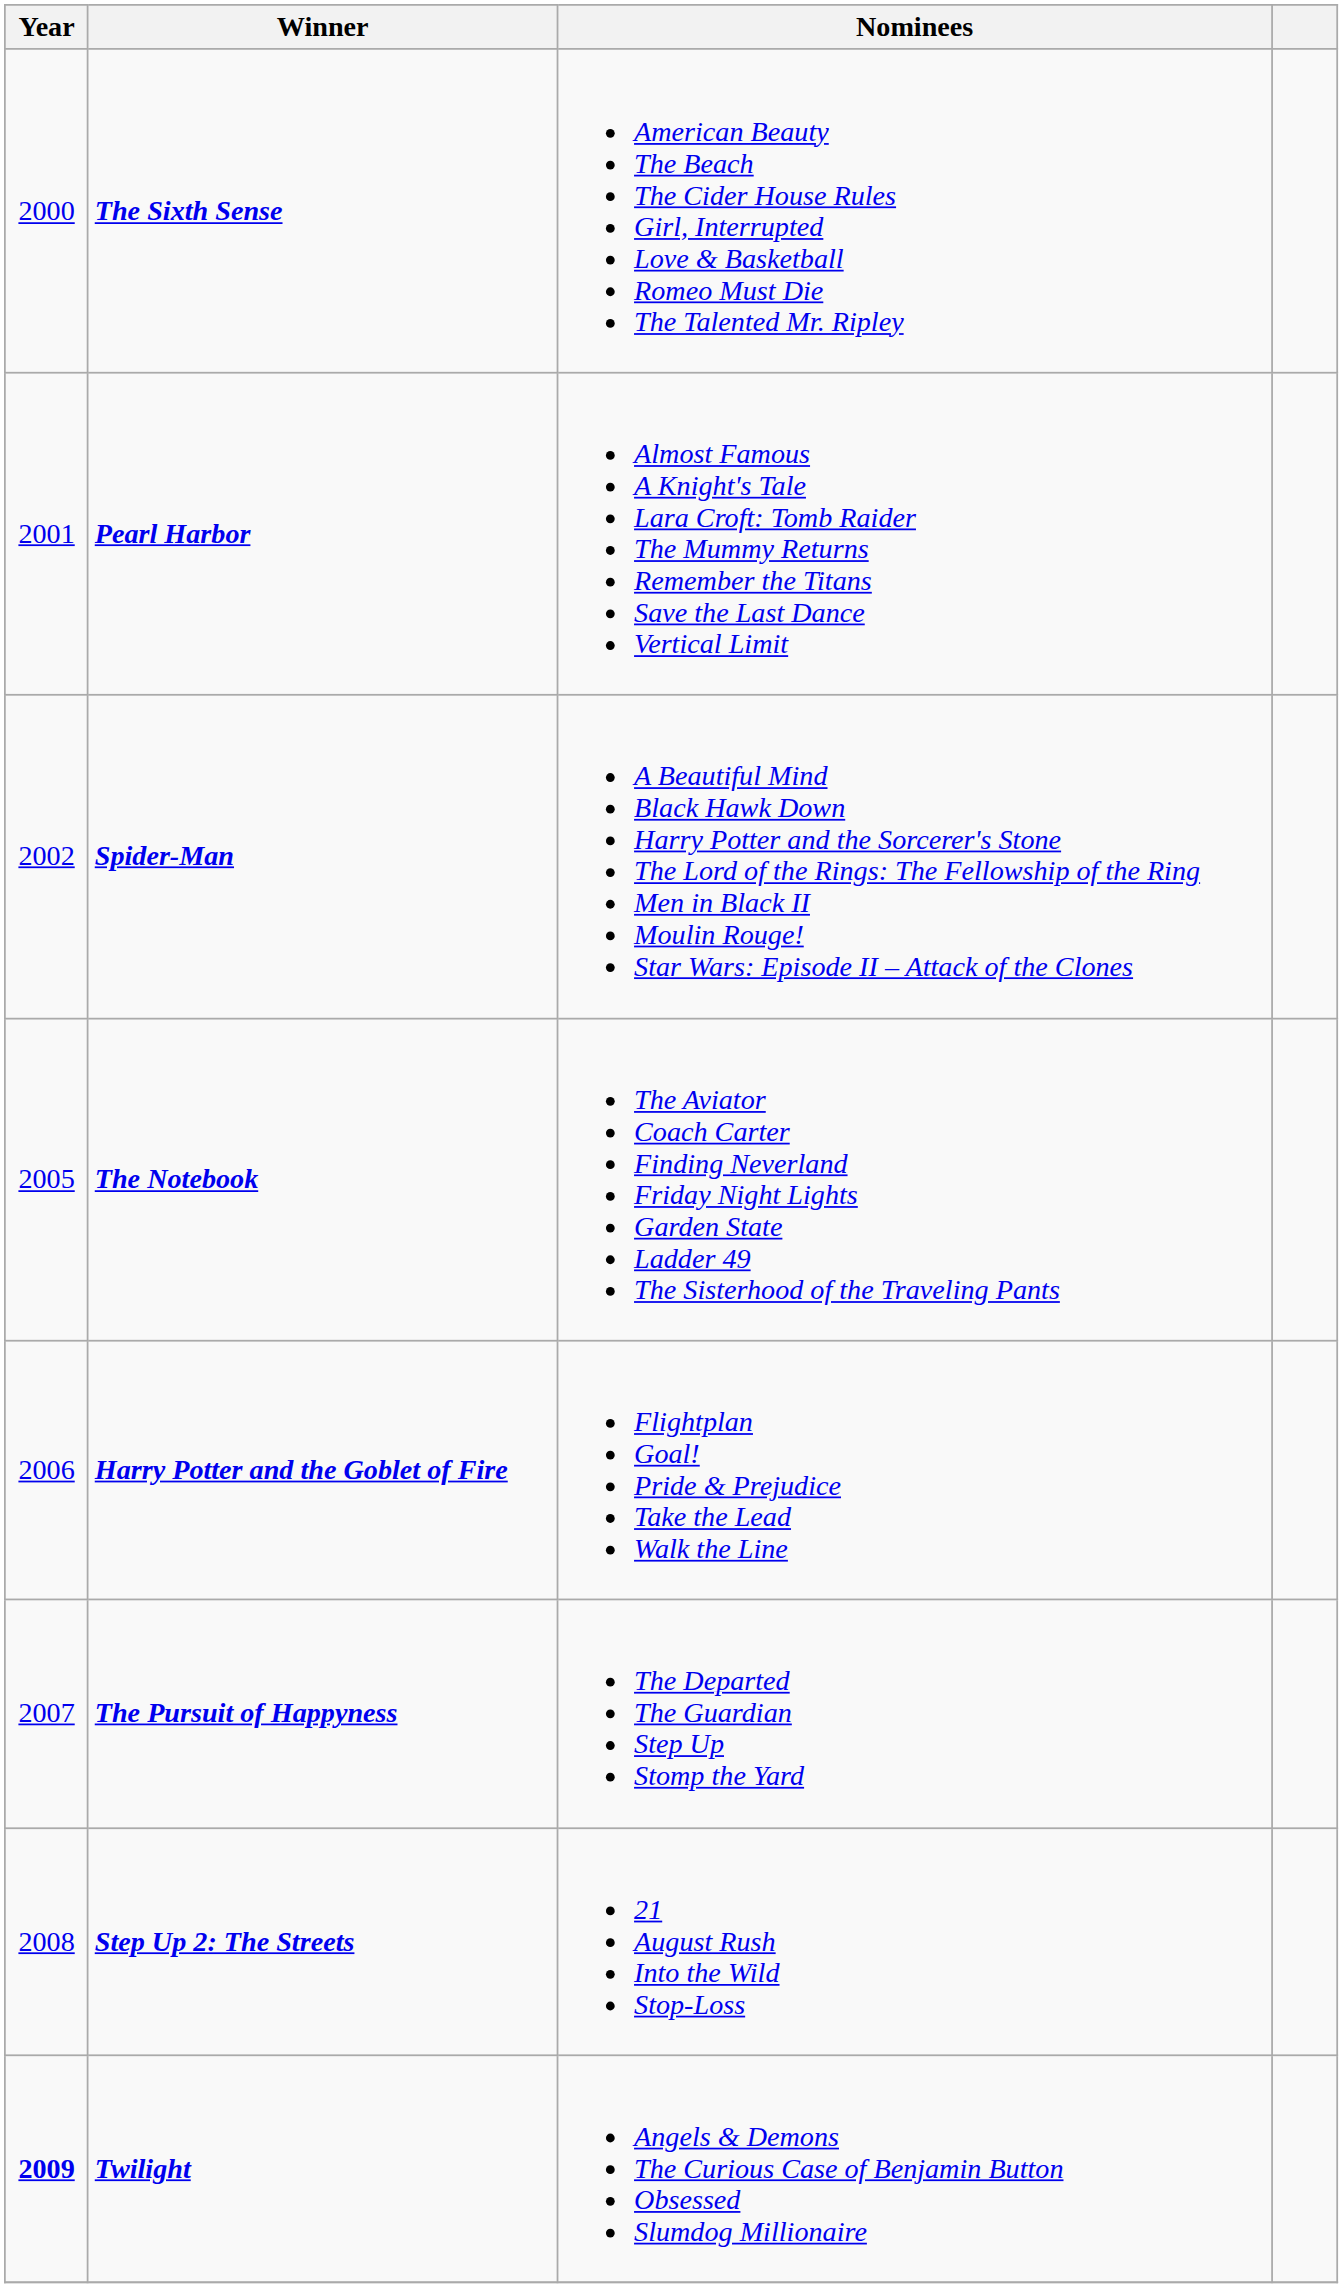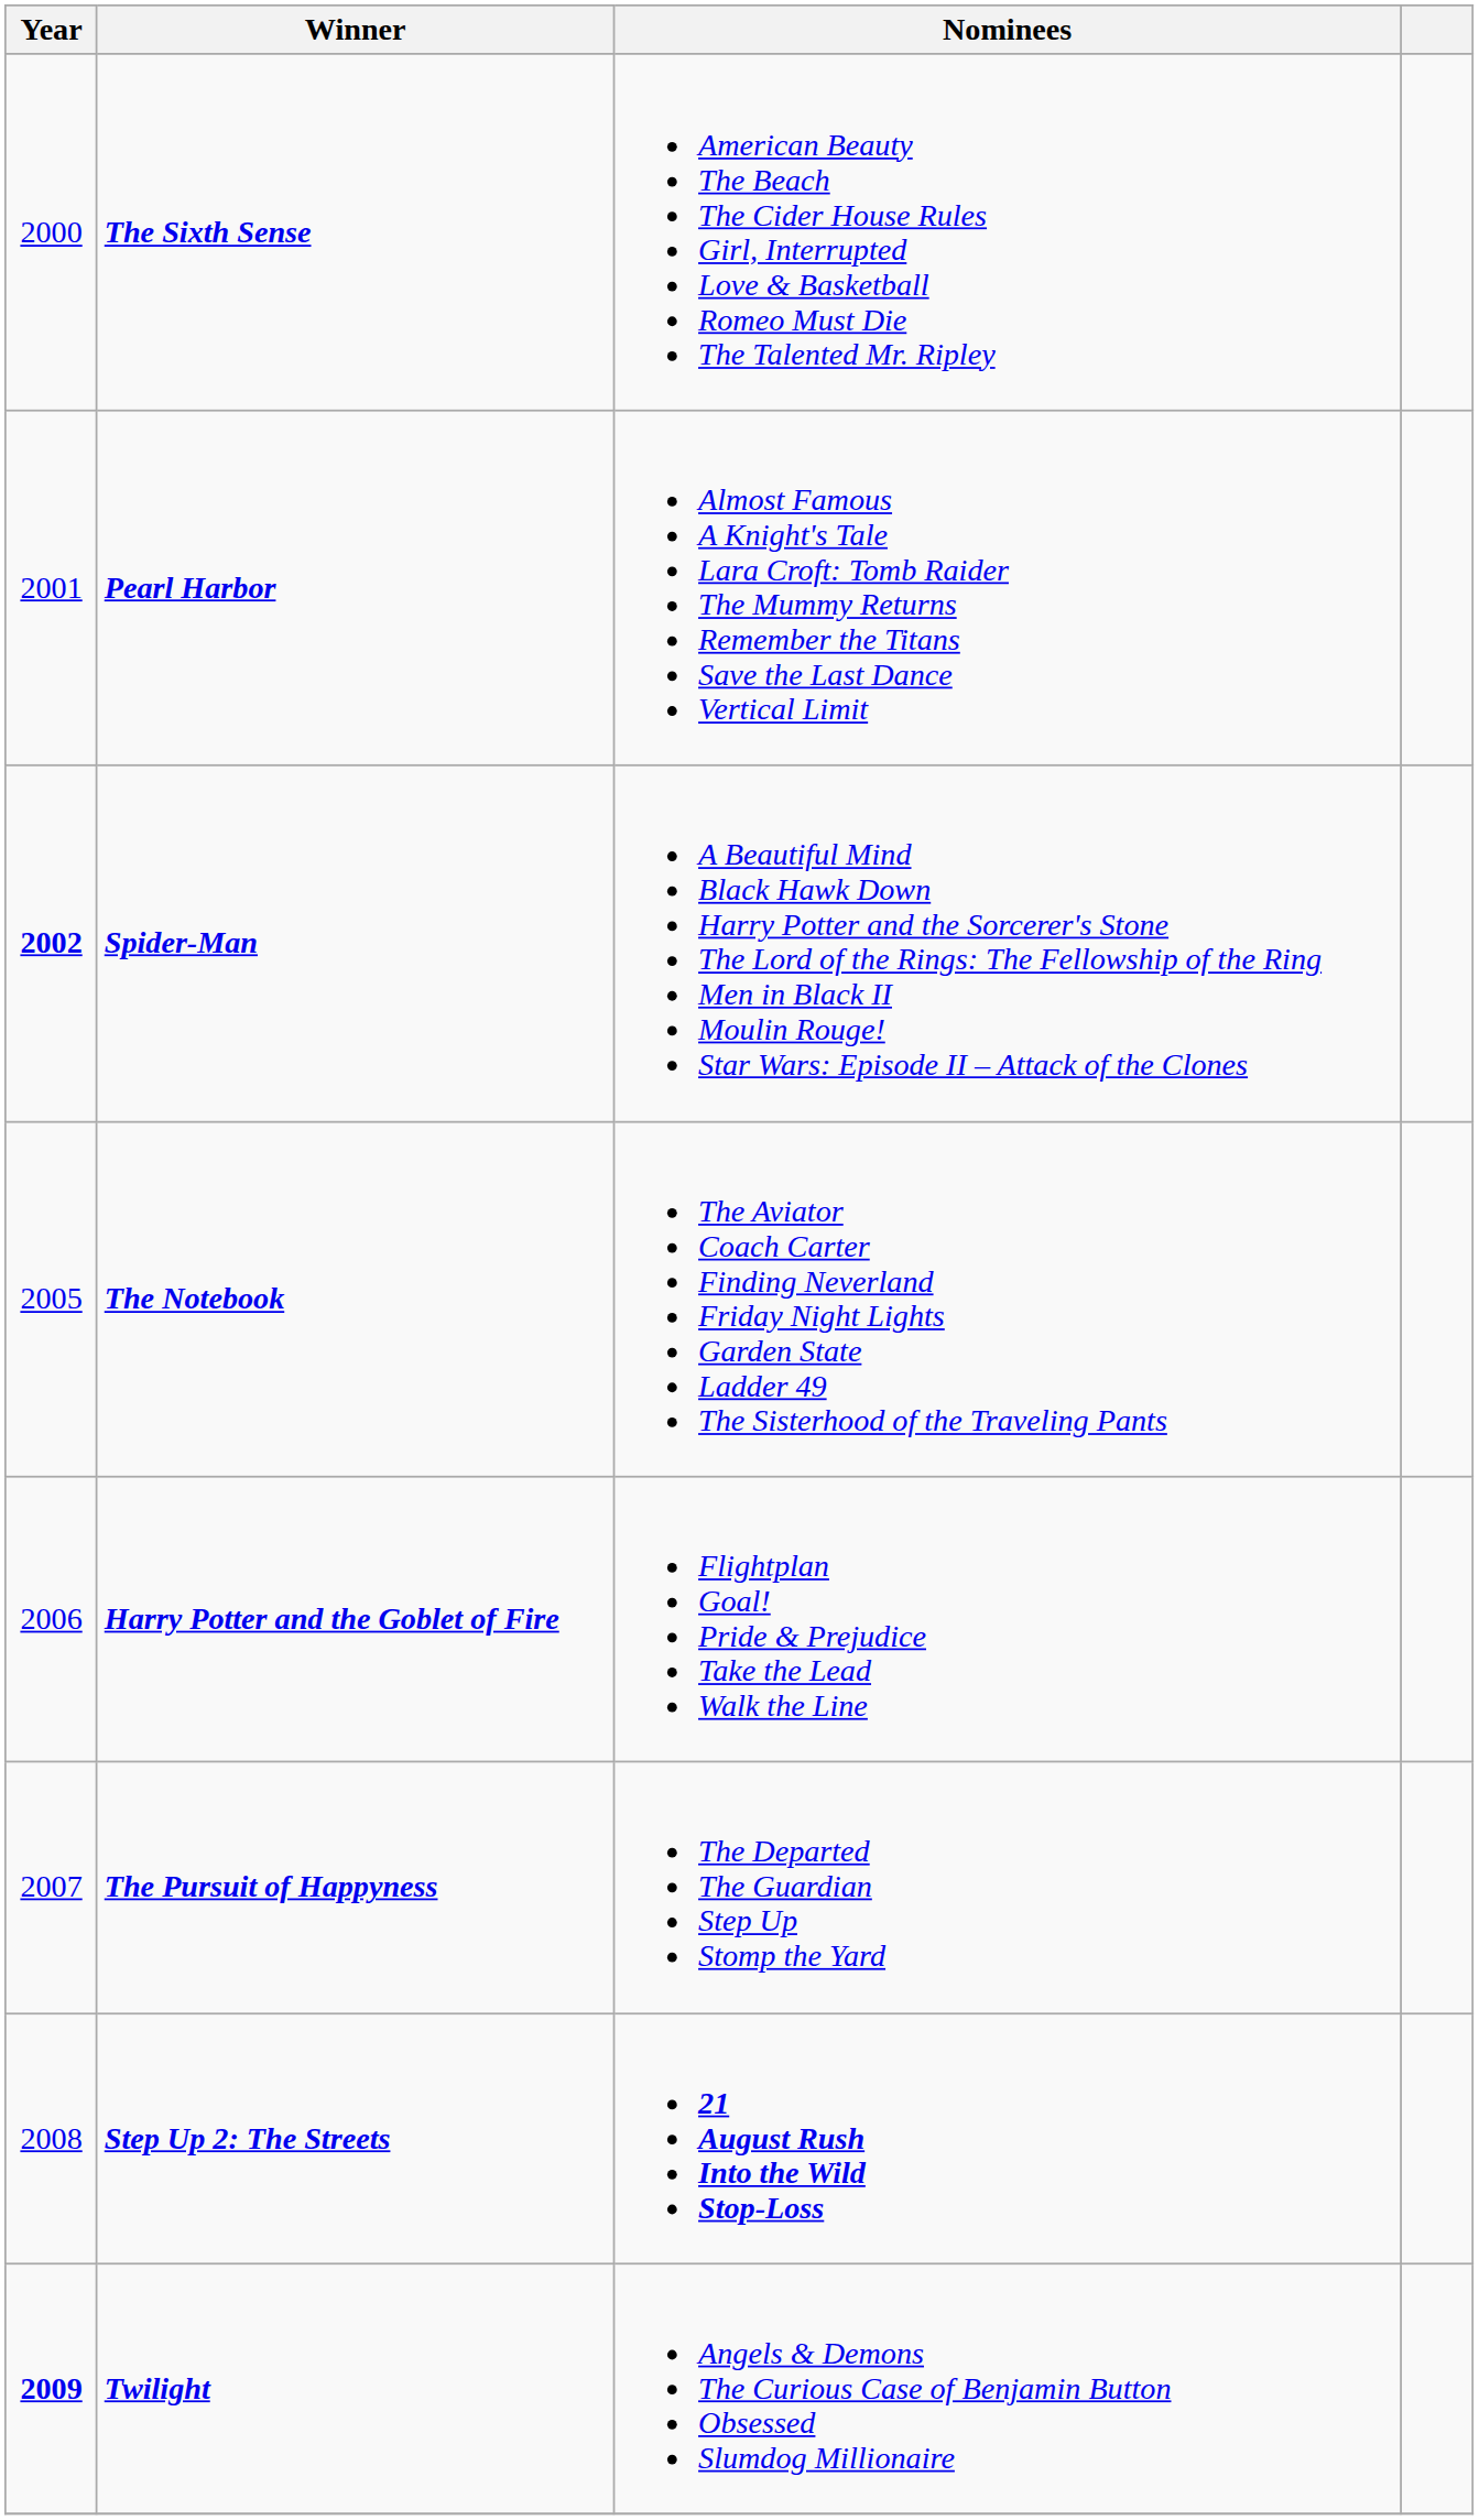 <table class="wikitable" width="60%">
 <tr>
 <th width="40px">Year</th>
 <th>Winner</th>
 <th>Nominees</th>
 <th width="30px"></th>
 </tr>
 <tr>
 <td style="text-align: center;"><a href='#'>2000</a></td>
 <td><strong><em><a href='#'>The Sixth Sense</a></em></strong></td>
 <td><br><ul><li><em><a href='#'>American Beauty</a></em></li><li><em><a href='#'>The Beach</a></em></li><li><em><a href='#'>The Cider House Rules</a></em></li><li><em><a href='#'>Girl, Interrupted</a></em></li><li><em><a href='#'>Love & Basketball</a></em></li><li><em><a href='#'>Romeo Must Die</a></em></li><li><em><a href='#'>The Talented Mr. Ripley</a></em></li></ul></td>
 <td style="text-align: center;"></td>
 </tr>
 <tr>
 <td style="text-align: center;"><a href='#'>2001</a></td>
 <td><strong><em><a href='#'>Pearl Harbor</a></em></strong></td>
 <td><br><ul><li><em><a href='#'>Almost Famous</a></em></li><li><em><a href='#'>A Knight's Tale</a></em></li><li><em><a href='#'>Lara Croft: Tomb Raider</a></em></li><li><em><a href='#'>The Mummy Returns</a></em></li><li><em><a href='#'>Remember the Titans</a></em></li><li><em><a href='#'>Save the Last Dance</a></em></li><li><em><a href='#'>Vertical Limit</a></em></li></ul></td>
 <td style="text-align: center;"></td>
 </tr>
 <tr>
-<td style="text-align: center;"><a href='#'>2002</a></td>
+<td style="text-align: center;"><strong><a href='#'>2002</a></strong></td>
 <td><strong><em><a href='#'>Spider-Man</a></em></strong></td>
 <td><br><ul><li><em><a href='#'>A Beautiful Mind</a></em></li><li><em><a href='#'>Black Hawk Down</a></em></li><li><em><a href='#'>Harry Potter and the Sorcerer's Stone</a></em></li><li><em><a href='#'>The Lord of the Rings: The Fellowship of the Ring</a></em></li><li><em><a href='#'>Men in Black II</a></em></li><li><em><a href='#'>Moulin Rouge!</a></em></li><li><em><a href='#'>Star Wars: Episode II – Attack of the Clones</a></em></li></ul></td>
 <td style="text-align: center;"></td>
 </tr>
 <tr>
 <td style="text-align: center;"><a href='#'>2005</a></td>
 <td><strong><em><a href='#'>The Notebook</a></em></strong></td>
 <td><br><ul><li><em><a href='#'>The Aviator</a></em></li><li><em><a href='#'>Coach Carter</a></em></li><li><em><a href='#'>Finding Neverland</a></em></li><li><em><a href='#'>Friday Night Lights</a></em></li><li><em><a href='#'>Garden State</a></em></li><li><em><a href='#'>Ladder 49</a></em></li><li><em><a href='#'>The Sisterhood of the Traveling Pants</a></em></li></ul></td>
 <td style="text-align: center;"></td>
 </tr>
 <tr>
 <td style="text-align: center;"><a href='#'>2006</a></td>
 <td><strong><em><a href='#'>Harry Potter and the Goblet of Fire</a></em></strong></td>
 <td><br><ul><li><em><a href='#'>Flightplan</a></em></li><li><em><a href='#'>Goal!</a></em></li><li><em><a href='#'>Pride & Prejudice</a></em></li><li><em><a href='#'>Take the Lead</a></em></li><li><em><a href='#'>Walk the Line</a></em></li></ul></td>
 <td style="text-align: center;"></td>
 </tr>
 <tr>
 <td style="text-align: center;"><a href='#'>2007</a></td>
 <td><strong><em><a href='#'>The Pursuit of Happyness</a></em></strong></td>
 <td><br><ul><li><em><a href='#'>The Departed</a></em></li><li><em><a href='#'>The Guardian</a></em></li><li><em><a href='#'>Step Up</a></em></li><li><em><a href='#'>Stomp the Yard</a></em></li></ul></td>
 <td style="text-align: center;"></td>
 </tr>
 <tr>
 <td style="text-align: center;"><a href='#'>2008</a></td>
 <td><strong><em><a href='#'>Step Up 2: The Streets</a></em></strong></td>
-<td><br><ul><li><em><a href='#'>21</a></em></li><li><em><a href='#'>August Rush</a></em></li><li><em><a href='#'>Into the Wild</a></em></li><li><em><a href='#'>Stop-Loss</a></em></li></ul></td>
+<td><strong><br><ul><li><em><a href='#'>21</a></em></li><li><em><a href='#'>August Rush</a></em></li><li><em><a href='#'>Into the Wild</a></em></li><li><em><a href='#'>Stop-Loss</a></em></li></ul></strong></td>
 <td style="text-align: center;"></td>
 </tr>
 <tr>
 <td style="text-align: center;"><strong><a href='#'>2009</a></strong></td>
 <td><strong><em><a href='#'>Twilight</a></em></strong></td>
 <td><br><ul><li><em><a href='#'>Angels & Demons</a></em></li><li><em><a href='#'>The Curious Case of Benjamin Button</a></em></li><li><em><a href='#'>Obsessed</a></em></li><li><em><a href='#'>Slumdog Millionaire</a></em></li></ul></td>
 <td style="text-align: center;"></td>
 </tr>
 <tr>
 </tr>
 </table>
